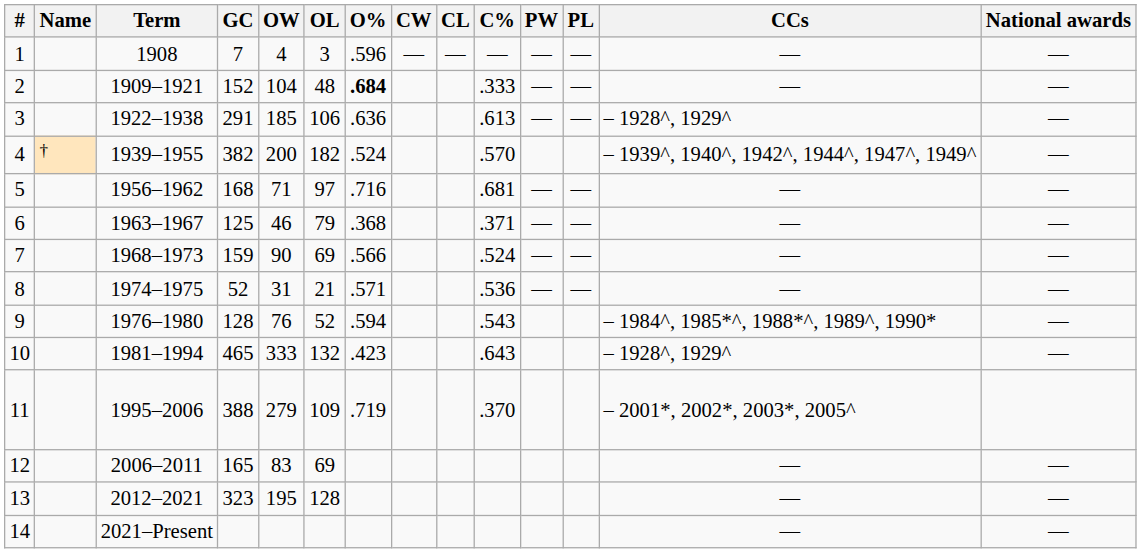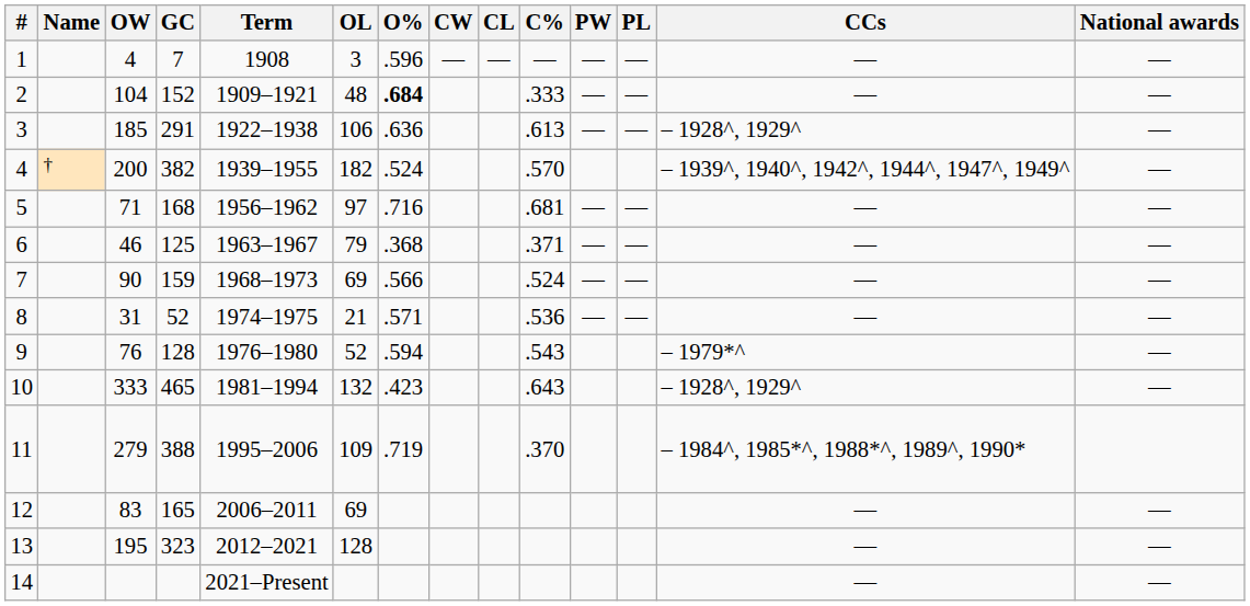 <table class="wikitable sortable">
 <tr>
 <th>#</th>
 <th>Name</th>
+<th>OW</th>
+<th>GC</th>
 <th>Term</th>
-<th>GC</th>
-<th>OW</th>
 <th>OL</th>
 <th>O%</th>
 <th>CW</th>
 <th>CL</th>
 <th>C%</th>
 <th>PW</th>
 <th>PL</th>
 <th>CCs</th>
 <th class="unsortable">National awards</th>
 </tr>
 <tr>
 <td align="center">1</td>
 <td></td>
+<td align="center">4</td>
+<td align="center">7</td>
 <td align="center">1908</td>
-<td align="center">7</td>
-<td align="center">4</td>
 <td align="center">3</td>
 <td align="center">.596</td>
 <td align="center">—</td>
 <td align="center">—</td>
 <td align="center">—</td>
 <td align="center">—</td>
 <td align="center">—</td>
 <td align="center">—</td>
 <td align="center">—</td>
 </tr>
 <tr>
 <td align="center">2</td>
 <td></td>
+<td align="center">104</td>
+<td align="center">152</td>
 <td align="center">1909–1921</td>
-<td align="center">152</td>
-<td align="center">104</td>
 <td align="center">48</td>
 <td align="center"><strong>.684</strong></td>
 <td align="center"></td>
 <td align="center"></td>
 <td align="center">.333</td>
 <td align="center">—</td>
 <td align="center">—</td>
 <td align="center">—</td>
 <td align="center">—</td>
 </tr>
 <tr>
 <td align="center">3</td>
 <td></td>
+<td align="center">185</td>
+<td align="center">291</td>
 <td align="center">1922–1938</td>
-<td align="center">291</td>
-<td align="center">185</td>
 <td align="center">106</td>
 <td align="center">.636</td>
 <td align="center"></td>
 <td align="center"></td>
 <td align="center">.613</td>
 <td align="center">—</td>
 <td align="center">—</td>
 <td> – 1928^, 1929^</td>
 <td align="center">—</td>
 </tr>
 <tr>
 <td align="center">4</td>
 <td bgcolor="#FFE6BD"><sup>†</sup></td>
+<td align="center">200</td>
+<td align="center">382</td>
 <td align="center">1939–1955</td>
-<td align="center">382</td>
-<td align="center">200</td>
 <td align="center">182</td>
 <td align="center">.524</td>
 <td align="center"></td>
 <td align="center"></td>
 <td align="center">.570</td>
 <td align="center"></td>
 <td align="center"></td>
 <td> – 1939^, 1940^, 1942^, 1944^, 1947^, 1949^</td>
 <td align="center">—</td>
 </tr>
 <tr>
 <td align="center">5</td>
 <td></td>
+<td align="center">71</td>
+<td align="center">168</td>
 <td align="center">1956–1962</td>
-<td align="center">168</td>
-<td align="center">71</td>
 <td align="center">97</td>
 <td align="center">.716</td>
 <td align="center"></td>
 <td align="center"></td>
 <td align="center">.681</td>
 <td align="center">—</td>
 <td align="center">—</td>
 <td align="center">—</td>
 <td align="center">—</td>
 </tr>
 <tr>
 <td align="center">6</td>
 <td></td>
+<td align="center">46</td>
+<td align="center">125</td>
 <td align="center">1963–1967</td>
-<td align="center">125</td>
-<td align="center">46</td>
 <td align="center">79</td>
 <td align="center">.368</td>
 <td align="center"></td>
 <td align="center"></td>
 <td align="center">.371</td>
 <td align="center">—</td>
 <td align="center">—</td>
 <td align="center">—</td>
 <td align="center">—</td>
 </tr>
 <tr>
 <td align="center">7</td>
 <td></td>
+<td align="center">90</td>
+<td align="center">159</td>
 <td align="center">1968–1973</td>
-<td align="center">159</td>
-<td align="center">90</td>
 <td align="center">69</td>
 <td align="center">.566</td>
 <td align="center"></td>
 <td align="center"></td>
 <td align="center">.524</td>
 <td align="center">—</td>
 <td align="center">—</td>
 <td align="center">—</td>
 <td align="center">—</td>
 </tr>
 <tr>
 <td align="center">8</td>
 <td></td>
+<td align="center">31</td>
+<td align="center">52</td>
 <td align="center">1974–1975</td>
-<td align="center">52</td>
-<td align="center">31</td>
 <td align="center">21</td>
 <td align="center">.571</td>
 <td align="center"></td>
 <td align="center"></td>
 <td align="center">.536</td>
 <td align="center">—</td>
 <td align="center">—</td>
 <td align="center">—</td>
 <td align="center">—</td>
 </tr>
 <tr>
 <td align="center">9</td>
 <td></td>
+<td align="center">76</td>
+<td align="center">128</td>
 <td align="center">1976–1980</td>
-<td align="center">128</td>
-<td align="center">76</td>
 <td align="center">52</td>
 <td align="center">.594</td>
 <td align="center"></td>
 <td align="center"></td>
 <td align="center">.543</td>
 <td align="center"></td>
 <td align="center"></td>
-<td> – 1984^, 1985*^, 1988*^, 1989^, 1990*</td>
+<td> – 1979*^</td>
 <td align="center">—</td>
 </tr>
 <tr>
 <td align="center">10</td>
 <td></td>
+<td align="center">333</td>
+<td align="center">465</td>
 <td align="center">1981–1994</td>
-<td align="center">465</td>
-<td align="center">333</td>
 <td align="center">132</td>
 <td align="center">.423</td>
 <td align="center"></td>
 <td align="center"></td>
 <td align="center">.643</td>
 <td align="center"></td>
 <td align="center"></td>
 <td> – 1928^, 1929^</td>
 <td align="center">—</td>
 </tr>
 <tr>
 <td align="center">11</td>
 <td></td>
+<td align="center">279</td>
+<td align="center">388</td>
 <td align="center">1995–2006</td>
-<td align="center">388</td>
-<td align="center">279</td>
 <td align="center">109</td>
 <td align="center">.719</td>
 <td align="center"></td>
 <td align="center"></td>
 <td align="center">.370</td>
 <td align="center"></td>
 <td align="center"></td>
-<td> – 2001*, 2002*, 2003*, 2005^</td>
+<td> – 1984^, 1985*^, 1988*^, 1989^, 1990*</td>
 <td><br><br> <br> </td>
 </tr>
 <tr>
 <td align="center">12</td>
 <td></td>
+<td align="center">83</td>
+<td align="center">165</td>
 <td align="center">2006–2011</td>
-<td align="center">165</td>
-<td align="center">83</td>
 <td align="center">69</td>
 <td align="center"></td>
 <td align="center"></td>
 <td align="center"></td>
 <td align="center"></td>
 <td align="center"></td>
 <td align="center"></td>
 <td align="center">—</td>
 <td align="center">—</td>
 </tr>
 <tr>
 <td align="center">13</td>
 <td></td>
+<td align="center">195</td>
+<td align="center">323</td>
 <td align="center">2012–2021</td>
-<td align="center">323</td>
-<td align="center">195</td>
 <td align="center">128</td>
 <td align="center"></td>
 <td align="center"></td>
 <td align="center"></td>
 <td align="center"></td>
 <td align="center"></td>
 <td align="center"></td>
 <td align="center">—</td>
 <td align="center">—</td>
 </tr>
 <tr>
 <td align="center">14</td>
 <td></td>
-<td align="center">2021–Present</td>
 <td align="center"></td>
 <td align="center"></td>
+<td align="center">2021–Present</td>
 <td align="center"></td>
 <td align="center"></td>
 <td align="center"></td>
 <td align="center"></td>
 <td align="center"></td>
 <td align="center"></td>
 <td align="center"></td>
 <td align="center">—</td>
 <td align="center">—</td>
 </tr>
 </table>
